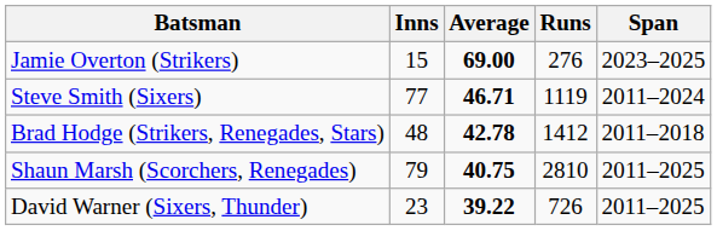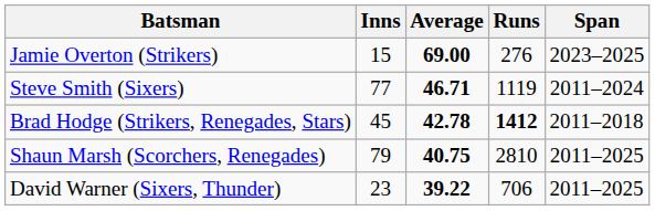 <table class="wikitable" style="text-align:center">
 <tr>
 <th>Batsman</th>
 <th>Inns</th>
 <th>Average</th>
 <th>Runs</th>
 <th>Span</th>
 </tr>
 <tr>
 <td style="text-align:left"><span><a href='#'></a></span> <a href='#'>Jamie Overton</a> <span>(<a href='#'>Strikers</a>)</span></td>
 <td style="text-align:center">15</td>
 <td style="text-align:center"><strong>69.00</strong></td>
 <td>276</td>
 <td style="text-align:left">2023–2025</td>
 </tr>
 <tr>
 <td style="text-align:left"><span><a href='#'></a></span> <a href='#'>Steve Smith</a> <span>(<a href='#'>Sixers</a>)</span></td>
 <td style="text align:center">77</td>
 <td style="text-align:center"><strong>46.71</strong></td>
 <td>1119</td>
 <td>2011–2024</td>
 </tr>
 <tr>
 <td style="text-align:left"><span><a href='#'></a></span> <a href='#'><span></span></a> <span><a href='#'></a></span> <a href='#'>Brad Hodge</a> <span>(<a href='#'>Strikers</a>, <a href='#'>Renegades</a>, <a href='#'>Stars</a>)</span></td>
-<td style="text-align:center">48</td>
+<td style="text-align:center">45</td>
 <td style="text-align:center"><strong>42.78</strong></td>
-<td>1412</td>
+<td><strong>1412</strong></td>
 <td style="text-align:left">2011–2018</td>
 </tr>
 <tr>
 <td style="text-align:left"><span><a href='#'></a> <a href='#'></a></span> <a href='#'>Shaun Marsh</a> <span>(<a href='#'>Scorchers</a>, <a href='#'>Renegades</a>)</span></td>
 <td style="text-align:center">79</td>
 <td style="text-align:center"><strong>40.75</strong></td>
 <td>2810</td>
 <td>2011–2025</td>
 </tr>
 <tr>
 <td style="text-align:left"><span><a href='#'></a></span> <a href='#'><span></span></a> David Warner <span>(<a href='#'>Sixers</a>, <a href='#'>Thunder</a>)</span></td>
 <td style="text-align:center">23</td>
 <td style="text-align:center"><strong>39.22</strong></td>
-<td>726</td>
+<td>706</td>
 <td style="text-align:left">2011–2025</td>
 </tr>
 </table>
